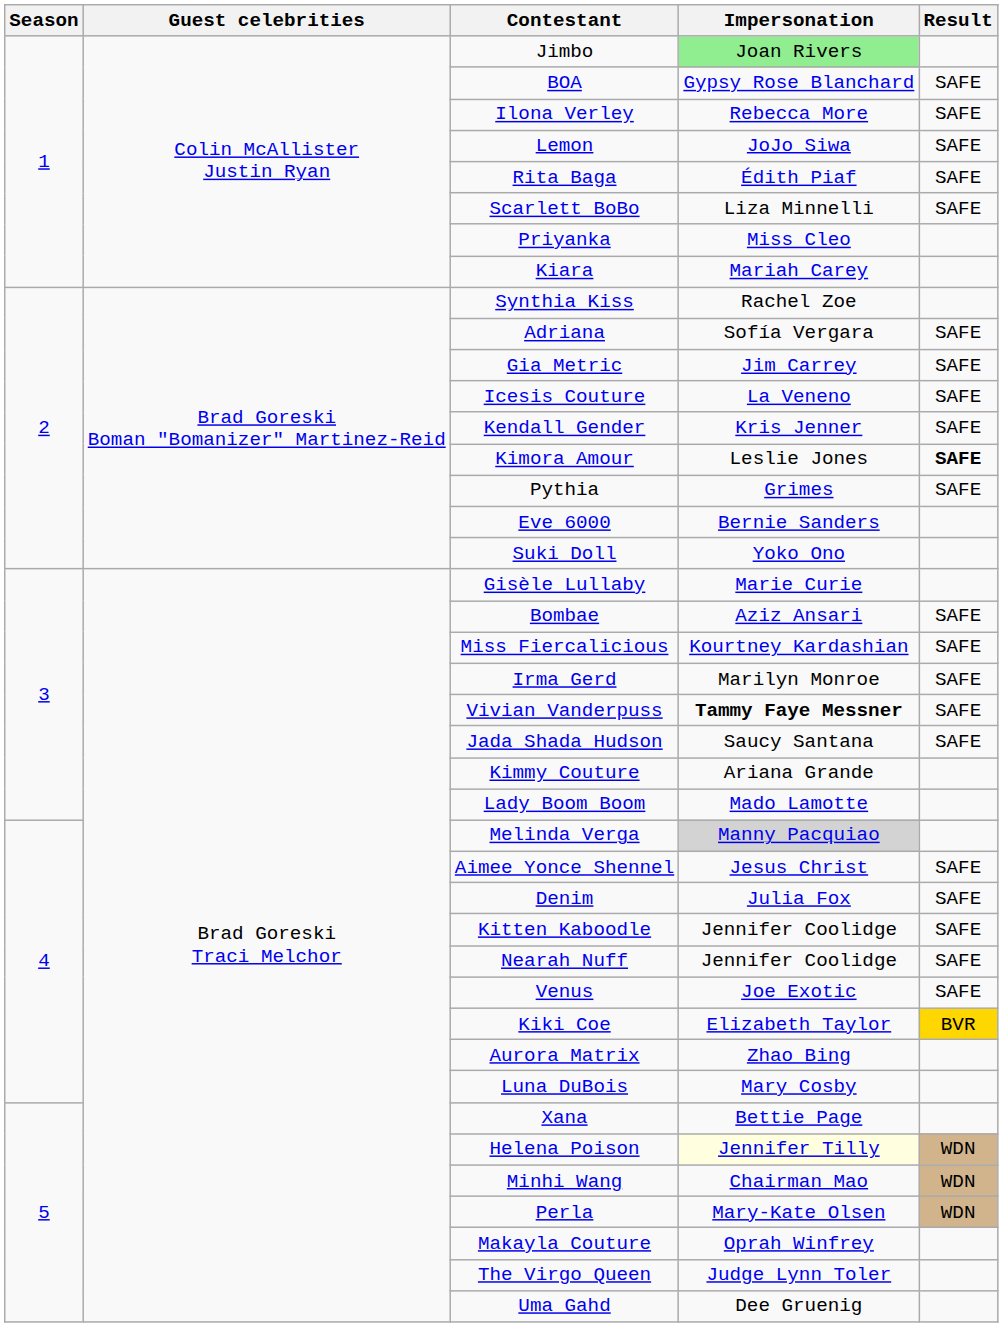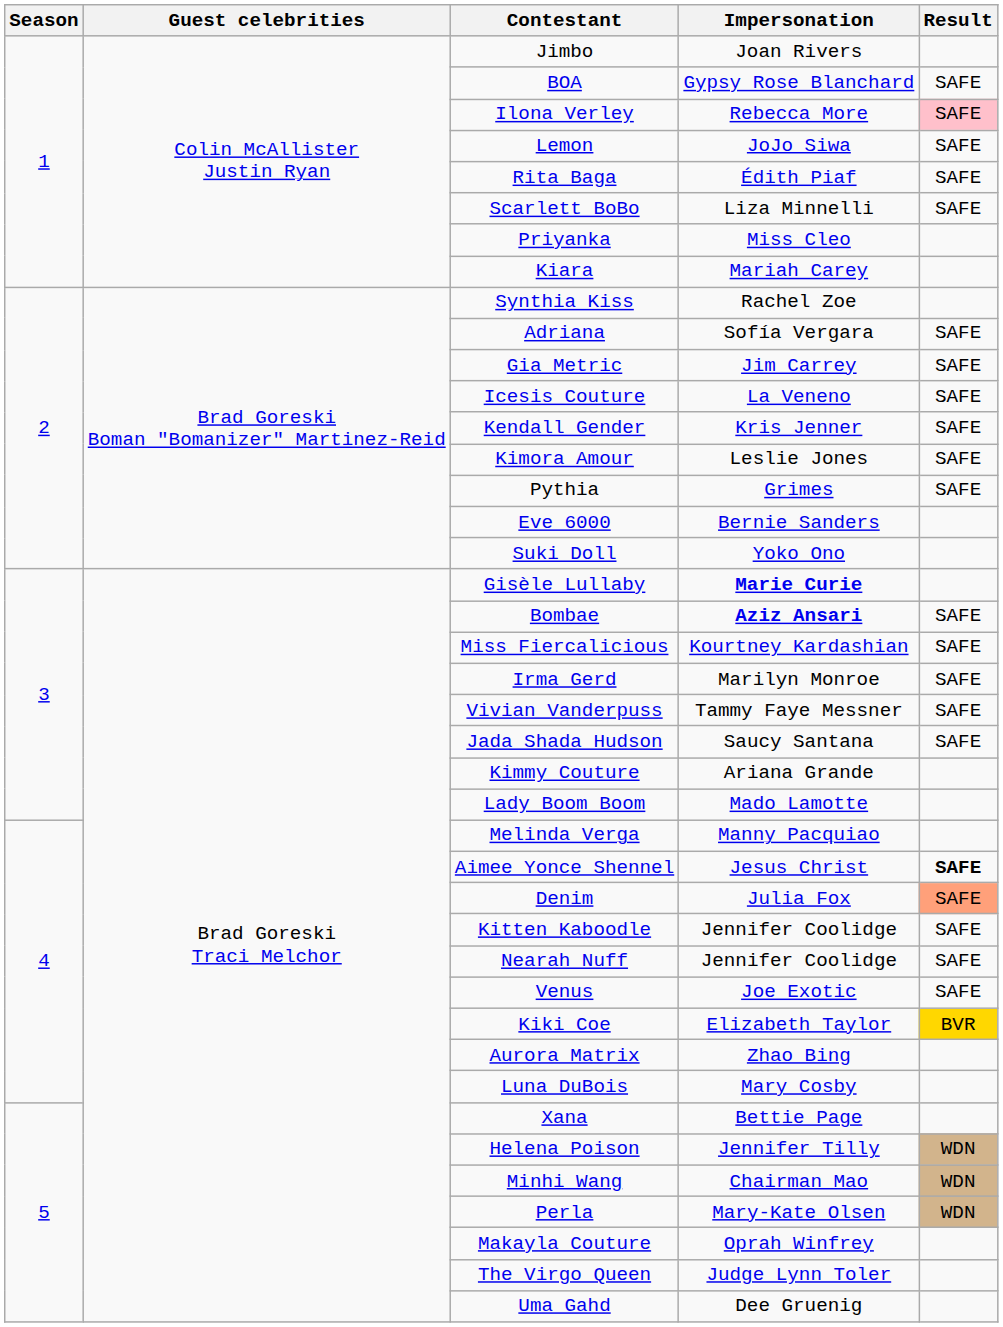 <table class="wikitable" style="text-align:center">
 <tr>
 <th>Season</th>
 <th>Guest celebrities</th>
 <th>Contestant</th>
 <th>Impersonation</th>
 <th>Result</th>
 </tr>
 <tr>
 <td rowspan="8"><a href='#'>1</a></td>
 <td rowspan="8"><a href='#'>Colin McAllister<br>Justin Ryan</a></td>
 <td>Jimbo</td>
-<td style="background: lightgreen;">Joan Rivers</td>
+<td>Joan Rivers</td>
 <td></td>
 </tr>
 <tr>
 <td><a href='#'>BOA</a></td>
 <td nowrap><a href='#'>Gypsy Rose Blanchard</a></td>
 <td>SAFE</td>
 </tr>
 <tr>
 <td><a href='#'>Ilona Verley</a></td>
 <td><a href='#'>Rebecca More</a></td>
-<td>SAFE</td>
+<td style="background: pink;">SAFE</td>
 </tr>
 <tr>
 <td><a href='#'>Lemon</a></td>
 <td><a href='#'>JoJo Siwa</a></td>
 <td>SAFE</td>
 </tr>
 <tr>
 <td><a href='#'>Rita Baga</a></td>
 <td><a href='#'>Édith Piaf</a></td>
 <td>SAFE</td>
 </tr>
 <tr>
 <td><a href='#'>Scarlett BoBo</a></td>
 <td>Liza Minnelli</td>
 <td>SAFE</td>
 </tr>
 <tr>
 <td><a href='#'>Priyanka</a></td>
 <td><a href='#'>Miss Cleo</a></td>
 <td></td>
 </tr>
 <tr>
 <td><a href='#'>Kiara</a></td>
 <td><a href='#'>Mariah Carey</a></td>
 <td></td>
 </tr>
 <tr>
 <td rowspan="9"><a href='#'>2</a></td>
 <td rowspan="9"><a href='#'>Brad Goreski</a><br><a href='#'>Boman "Bomanizer" Martinez-Reid</a></td>
 <td><a href='#'>Synthia Kiss</a></td>
 <td>Rachel Zoe</td>
 <td></td>
 </tr>
 <tr>
 <td><a href='#'>Adriana</a></td>
 <td>Sofía Vergara</td>
 <td>SAFE</td>
 </tr>
 <tr>
 <td><a href='#'>Gia Metric</a></td>
 <td><a href='#'>Jim Carrey</a></td>
 <td>SAFE</td>
 </tr>
 <tr>
 <td><a href='#'>Icesis Couture</a></td>
 <td><a href='#'>La Veneno</a></td>
 <td>SAFE</td>
 </tr>
 <tr>
 <td><a href='#'>Kendall Gender</a></td>
 <td><a href='#'>Kris Jenner</a></td>
 <td>SAFE</td>
 </tr>
 <tr>
 <td><a href='#'>Kimora Amour</a></td>
 <td>Leslie Jones</td>
-<td><strong>SAFE</strong></td>
+<td>SAFE</td>
 </tr>
 <tr>
 <td>Pythia</td>
 <td><a href='#'>Grimes</a></td>
 <td>SAFE</td>
 </tr>
 <tr>
 <td><a href='#'>Eve 6000</a></td>
 <td><a href='#'>Bernie Sanders</a></td>
 <td></td>
 </tr>
 <tr>
 <td><a href='#'>Suki Doll</a></td>
 <td><a href='#'>Yoko Ono</a></td>
 <td></td>
 </tr>
 <tr>
 <td rowspan="8"><a href='#'>3</a></td>
 <td rowspan="24">Brad Goreski<br><a href='#'>Traci Melchor</a></td>
 <td><a href='#'>Gisèle Lullaby</a></td>
-<td><a href='#'>Marie Curie</a></td>
+<td><strong><a href='#'>Marie Curie</a></strong></td>
 <td></td>
 </tr>
 <tr>
 <td><a href='#'>Bombae</a></td>
-<td><a href='#'>Aziz Ansari</a></td>
+<td><strong><a href='#'>Aziz Ansari</a></strong></td>
 <td>SAFE</td>
 </tr>
 <tr>
 <td><a href='#'>Miss Fiercalicious</a></td>
 <td><a href='#'>Kourtney Kardashian</a></td>
 <td>SAFE</td>
 </tr>
 <tr>
 <td><a href='#'>Irma Gerd</a></td>
 <td>Marilyn Monroe</td>
 <td>SAFE</td>
 </tr>
 <tr>
 <td><a href='#'>Vivian Vanderpuss</a></td>
-<td><strong>Tammy Faye Messner</strong></td>
+<td>Tammy Faye Messner</td>
 <td>SAFE</td>
 </tr>
 <tr>
 <td nowrap><a href='#'>Jada Shada Hudson</a></td>
 <td>Saucy Santana</td>
 <td>SAFE</td>
 </tr>
 <tr>
 <td><a href='#'>Kimmy Couture</a></td>
 <td>Ariana Grande</td>
 <td></td>
 </tr>
 <tr>
 <td><a href='#'>Lady Boom Boom</a></td>
 <td><a href='#'>Mado Lamotte</a></td>
 <td></td>
 </tr>
 <tr>
 <td rowspan="9"><a href='#'>4</a></td>
 <td><a href='#'>Melinda Verga</a></td>
-<td style="background: lightgrey;"><a href='#'>Manny Pacquiao</a></td>
+<td><a href='#'>Manny Pacquiao</a></td>
 <td></td>
 </tr>
 <tr>
 <td nowrap><a href='#'>Aimee Yonce Shennel</a></td>
 <td><a href='#'>Jesus Christ</a></td>
-<td>SAFE</td>
+<td><strong>SAFE</strong></td>
 </tr>
 <tr>
 <td><a href='#'>Denim</a></td>
 <td><a href='#'>Julia Fox</a></td>
-<td>SAFE</td>
+<td style="background: lightsalmon;">SAFE</td>
 </tr>
 <tr>
 <td><a href='#'>Kitten Kaboodle</a></td>
 <td>Jennifer Coolidge</td>
 <td>SAFE</td>
 </tr>
 <tr>
 <td><a href='#'>Nearah Nuff</a></td>
 <td>Jennifer Coolidge</td>
 <td>SAFE</td>
 </tr>
 <tr>
 <td><a href='#'>Venus</a></td>
 <td><a href='#'>Joe Exotic</a></td>
 <td>SAFE</td>
 </tr>
 <tr>
 <td><a href='#'>Kiki Coe</a></td>
 <td><a href='#'>Elizabeth Taylor</a></td>
 <td bgcolor="gold">BVR</td>
 </tr>
 <tr>
 <td><a href='#'>Aurora Matrix</a></td>
 <td><a href='#'>Zhao Bing</a></td>
 <td></td>
 </tr>
 <tr>
 <td><a href='#'>Luna DuBois</a></td>
 <td><a href='#'>Mary Cosby</a></td>
 <td></td>
 </tr>
 <tr>
 <td rowspan="7"><a href='#'>5</a></td>
 <td><a href='#'>Xana</a></td>
 <td><a href='#'>Bettie Page</a></td>
 <td></td>
 </tr>
 <tr>
 <td><a href='#'>Helena Poison</a></td>
-<td style="background: lightyellow;"><a href='#'>Jennifer Tilly</a></td>
+<td><a href='#'>Jennifer Tilly</a></td>
 <td bgcolor="tan">WDN</td>
 </tr>
 <tr>
 <td><a href='#'>Minhi Wang</a></td>
 <td><a href='#'>Chairman Mao</a></td>
 <td bgcolor="tan">WDN</td>
 </tr>
 <tr>
 <td><a href='#'>Perla</a></td>
 <td><a href='#'>Mary-Kate Olsen</a></td>
 <td bgcolor="tan">WDN</td>
 </tr>
 <tr>
 <td><a href='#'>Makayla Couture</a></td>
 <td><a href='#'>Oprah Winfrey</a></td>
 <td></td>
 </tr>
 <tr>
 <td><a href='#'>The Virgo Queen</a></td>
 <td><a href='#'>Judge Lynn Toler</a></td>
 <td></td>
 </tr>
 <tr>
 <td><a href='#'>Uma Gahd</a></td>
 <td>Dee Gruenig</td>
 <td></td>
 </tr>
 </table>
